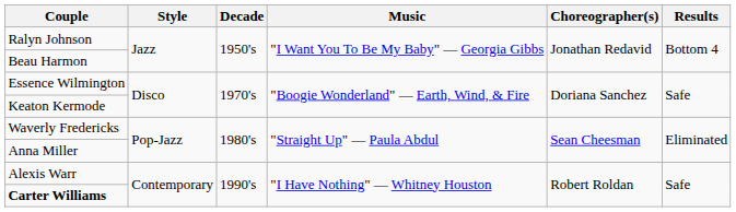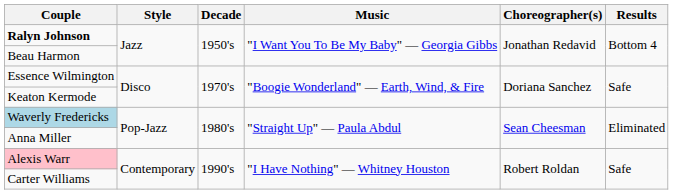 <table class="wikitable">
 <tr>
 <th>Couple</th>
 <th>Style</th>
 <th>Decade</th>
 <th>Music</th>
 <th>Choreographer(s)</th>
 <th>Results</th>
 </tr>
 <tr>
-<td>Ralyn Johnson</td>
+<td><strong>Ralyn Johnson</strong></td>
 <td rowspan="2">Jazz</td>
 <td rowspan="2">1950's</td>
 <td rowspan="2">"<a href='#'>I Want You To Be My Baby</a>" — <a href='#'>Georgia Gibbs</a></td>
 <td rowspan="2">Jonathan Redavid</td>
 <td rowspan="2">Bottom 4</td>
 </tr>
 <tr>
 <td>Beau Harmon</td>
 </tr>
 <tr>
 <td>Essence Wilmington</td>
 <td rowspan="2">Disco</td>
 <td rowspan="2">1970's</td>
 <td rowspan="2">"<a href='#'>Boogie Wonderland</a>" — <a href='#'>Earth, Wind, & Fire</a></td>
 <td rowspan="2">Doriana Sanchez</td>
 <td rowspan="2">Safe</td>
 </tr>
 <tr>
 <td>Keaton Kermode</td>
 </tr>
 <tr>
-<td>Waverly Fredericks</td>
+<td style="background: lightblue;">Waverly Fredericks</td>
 <td rowspan="2">Pop-Jazz</td>
 <td rowspan="2">1980's</td>
 <td rowspan="2">"<a href='#'>Straight Up</a>" — <a href='#'>Paula Abdul</a></td>
 <td rowspan="2"><a href='#'>Sean Cheesman</a></td>
 <td rowspan="2">Eliminated</td>
 </tr>
 <tr>
 <td>Anna Miller</td>
 </tr>
 <tr>
-<td>Alexis Warr</td>
+<td style="background: pink;">Alexis Warr</td>
 <td rowspan="2">Contemporary</td>
 <td rowspan="2">1990's</td>
 <td rowspan="2">"<a href='#'>I Have Nothing</a>" — <a href='#'>Whitney Houston</a></td>
 <td rowspan="2">Robert Roldan</td>
 <td rowspan="2">Safe</td>
 </tr>
 <tr>
-<td><strong>Carter Williams</strong></td>
+<td>Carter Williams</td>
 </tr>
 </table>
